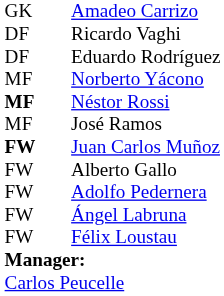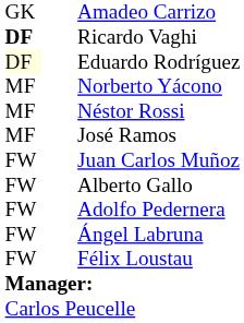 <table style="font-size:90%; margin:0.2em auto;" cellspacing="0" cellpadding="0">
 <tr>
 <th width="25"></th>
 <th width="25"></th>
 </tr>
 <tr>
 <td>GK</td>
 <td></td>
 <td> <a href='#'>Amadeo Carrizo</a></td>
 </tr>
 <tr>
-<td>DF</td>
+<td><strong>DF</strong></td>
 <td></td>
 <td> Ricardo Vaghi</td>
 </tr>
 <tr>
-<td>DF</td>
+<td style="background: lightyellow;">DF</td>
 <td></td>
 <td> Eduardo Rodríguez</td>
 </tr>
 <tr>
 <td>MF</td>
 <td></td>
 <td> <a href='#'>Norberto Yácono</a></td>
 </tr>
 <tr>
-<td><strong>MF</strong></td>
+<td>MF</td>
 <td></td>
 <td> <a href='#'>Néstor Rossi</a></td>
 </tr>
 <tr>
 <td>MF</td>
 <td></td>
 <td> José Ramos</td>
 </tr>
 <tr>
-<td><strong>FW</strong></td>
+<td>FW</td>
 <td></td>
 <td> <a href='#'>Juan Carlos Muñoz</a></td>
 </tr>
 <tr>
 <td>FW</td>
 <td></td>
 <td> Alberto Gallo</td>
 </tr>
 <tr>
 <td>FW</td>
 <td></td>
 <td> <a href='#'>Adolfo Pedernera</a></td>
 </tr>
 <tr>
 <td>FW</td>
 <td></td>
 <td> <a href='#'>Ángel Labruna</a></td>
 </tr>
 <tr>
 <td>FW</td>
 <td></td>
 <td> <a href='#'>Félix Loustau</a></td>
 </tr>
 <tr>
 <td colspan=3><strong>Manager:</strong></td>
 </tr>
 <tr>
 <td colspan=4> <a href='#'>Carlos Peucelle</a></td>
 </tr>
 </table>
